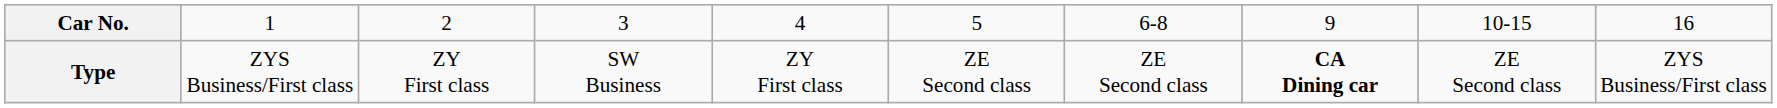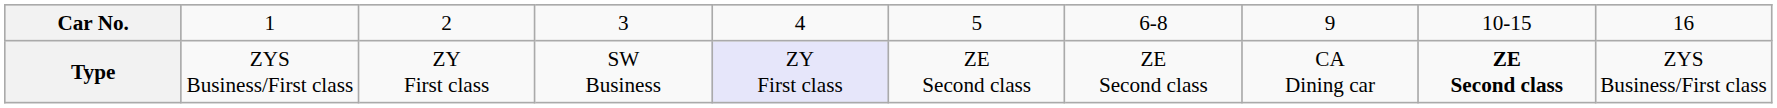 <table class="wikitable" style="text-align: center; font-size: small;">
 <tr>
 <th>Car No.</th>
 <td>1</td>
 <td>2</td>
 <td>3</td>
 <td>4</td>
 <td>5</td>
 <td>6-8</td>
 <td>9</td>
 <td>10-15</td>
 <td>16</td>
 </tr>
 <tr>
 <th style="width: 10%;">Type</th>
 <td style="width: 10%;">ZYS<br>Business/First class</td>
 <td style="width: 10%;">ZY<br>First class</td>
 <td style="width: 10%;">SW<br>Business</td>
-<td style="width: 10%;">ZY<br>First class</td>
+<td style="background: lavender; width: 10%;">ZY<br>First class</td>
 <td style="width: 10%;">ZE<br>Second class </td>
 <td style="width: 10%;">ZE<br>Second class</td>
-<td style="width: 10%;"><strong>CA<br>Dining car</strong></td>
-<td style="width: 10%;">ZE<br>Second class</td>
+<td style="width: 10%;">CA<br>Dining car</td>
+<td style="width: 10%;"><strong>ZE<br>Second class</strong></td>
 <td style="width: 10%;">ZYS<br>Business/First class</td>
 </tr>
 </table>
